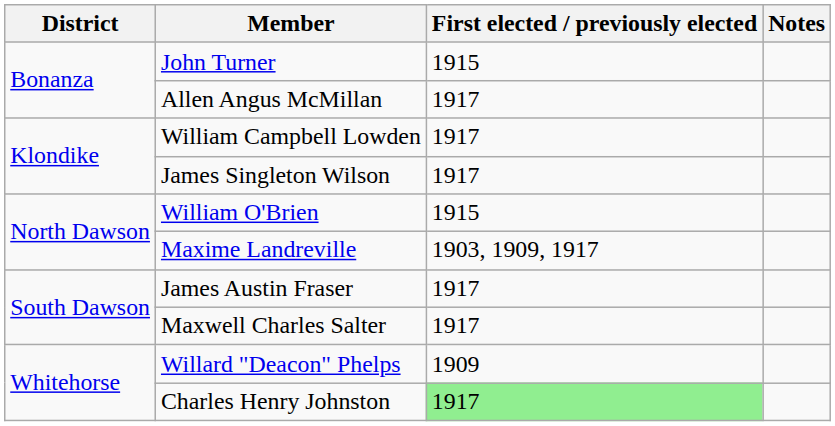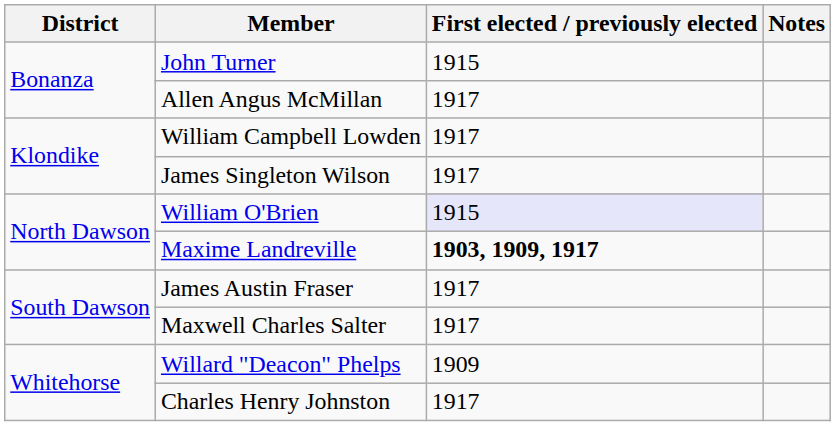 <table class="wikitable sortable">
 <tr>
 <th>District</th>
 <th>Member</th>
 <th>First elected / previously elected</th>
 <th>Notes</th>
 </tr>
 <tr>
 <td rowspan=2><a href='#'>Bonanza</a></td>
 <td><a href='#'>John Turner</a></td>
 <td>1915</td>
 <td></td>
 </tr>
 <tr>
 <td>Allen Angus McMillan</td>
 <td>1917</td>
 <td></td>
 </tr>
 <tr>
 <td rowspan=2><a href='#'>Klondike</a></td>
 <td>William Campbell Lowden</td>
 <td>1917</td>
 <td></td>
 </tr>
 <tr>
 <td>James Singleton Wilson</td>
 <td>1917</td>
 <td></td>
 </tr>
 <tr>
 <td rowspan=2><a href='#'>North Dawson</a></td>
 <td><a href='#'>William O'Brien</a></td>
-<td>1915</td>
+<td style="background: lavender;">1915</td>
 <td></td>
 </tr>
 <tr>
 <td><a href='#'>Maxime Landreville</a></td>
-<td>1903, 1909, 1917</td>
+<td><strong>1903, 1909, 1917</strong></td>
 <td></td>
 </tr>
 <tr>
 <td rowspan=2><a href='#'>South Dawson</a></td>
 <td>James Austin Fraser</td>
 <td>1917</td>
 <td></td>
 </tr>
 <tr>
 <td>Maxwell Charles Salter</td>
 <td>1917</td>
 <td></td>
 </tr>
 <tr>
 <td rowspan="2"><a href='#'>Whitehorse</a></td>
 <td><a href='#'>Willard "Deacon" Phelps</a></td>
 <td>1909</td>
 <td></td>
 </tr>
 <tr>
 <td>Charles Henry Johnston</td>
-<td style="background: lightgreen;">1917</td>
+<td>1917</td>
 <td></td>
 </tr>
 </table>
